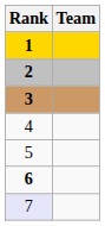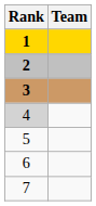 <table class="wikitable" style="text-align:center">
 <tr>
 <th>Rank</th>
 <th>Team</th>
 </tr>
 <tr bgcolor="gold">
 <td><strong>1</strong></td>
 <td align="left"><strong></strong></td>
 </tr>
 <tr bgcolor="silver">
 <td><strong>2</strong></td>
 <td align="left"><strong></strong></td>
 </tr>
 <tr bgcolor="#CC9966">
 <td><strong>3</strong></td>
 <td align="left"><strong></strong></td>
 </tr>
 <tr>
-<td>4</td>
+<td style="background: lightgrey;">4</td>
 <td align="left"><strong></strong></td>
 </tr>
 <tr>
 <td>5</td>
 <td align="left"><strong></strong></td>
 </tr>
 <tr>
-<td><strong>6</strong></td>
+<td>6</td>
 <td align="left"><strong></strong></td>
 </tr>
 <tr>
-<td style="background: lavender;">7</td>
+<td>7</td>
 <td align="left"><strong></strong></td>
 </tr>
 </table>
